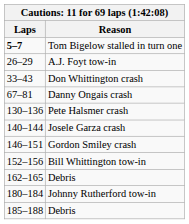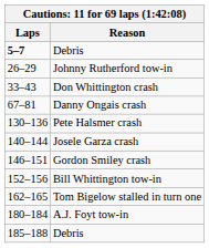 <table class="wikitable">
 <tr>
 <th colspan=2>Cautions: 11 for 69 laps (1:42:08)</th>
 </tr>
 <tr>
 <th>Laps</th>
 <th>Reason</th>
 </tr>
 <tr>
 <td><strong>5–7</strong></td>
-<td>Tom Bigelow stalled in turn one</td>
+<td>Debris</td>
 </tr>
 <tr>
 <td>26–29</td>
-<td>A.J. Foyt tow-in</td>
+<td>Johnny Rutherford tow-in</td>
 </tr>
 <tr>
 <td>33–43</td>
 <td>Don Whittington crash</td>
 </tr>
 <tr>
 <td>67–81</td>
 <td>Danny Ongais crash</td>
 </tr>
 <tr>
 <td>130–136</td>
 <td>Pete Halsmer crash</td>
 </tr>
 <tr>
 <td>140–144</td>
 <td>Josele Garza crash</td>
 </tr>
 <tr>
 <td>146–151</td>
 <td>Gordon Smiley crash</td>
 </tr>
 <tr>
 <td>152–156</td>
 <td>Bill Whittington tow-in</td>
 </tr>
 <tr>
 <td>162–165</td>
-<td>Debris</td>
+<td>Tom Bigelow stalled in turn one</td>
 </tr>
 <tr>
 <td>180–184</td>
-<td>Johnny Rutherford tow-in</td>
+<td>A.J. Foyt tow-in</td>
 </tr>
 <tr>
 <td>185–188</td>
 <td>Debris</td>
 </tr>
 </table>
